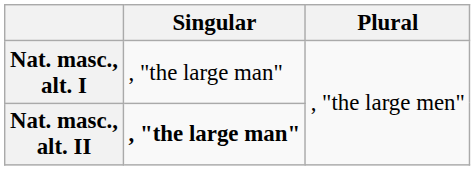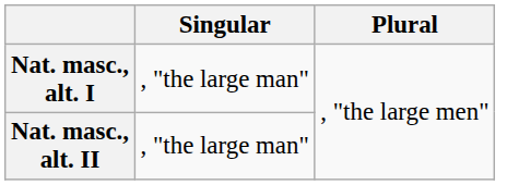 <table class="wikitable">
 <tr>
 <th></th>
 <th>Singular</th>
 <th>Plural</th>
 </tr>
 <tr>
 <th>Nat. masc.,<br>alt. I</th>
 <td>, "the large man"</td>
 <td rowspan="2">, "the large men"</td>
 </tr>
 <tr>
 <th>Nat. masc.,<br>alt. II</th>
-<td><strong>, "the large man"</strong></td>
+<td>, "the large man"</td>
 </tr>
 </table>
